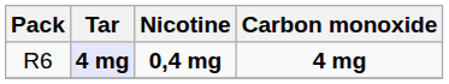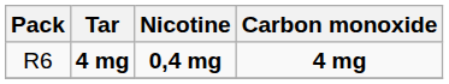 <table class="wikitable" style="font-size: 95%;text-align:center">
 <tr>
 <th>Pack</th>
 <th>Tar</th>
 <th>Nicotine</th>
 <th>Carbon monoxide</th>
 </tr>
 <tr>
 <td>R6</td>
-<td style="background: lavender;"><strong>4 mg</strong></td>
+<td><strong>4 mg</strong></td>
 <td><strong>0,4 mg</strong></td>
 <td><strong>4 mg</strong></td>
 </tr>
 <tr>
 </tr>
 </table>
